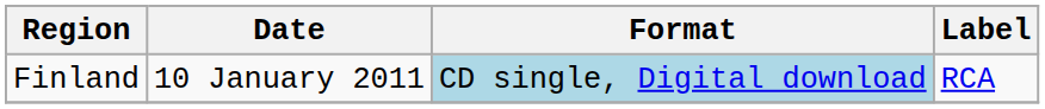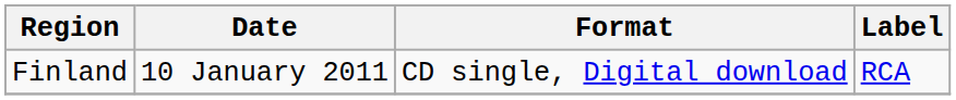 <table class=wikitable>
 <tr>
 <th>Region</th>
 <th>Date</th>
 <th>Format</th>
 <th>Label</th>
 </tr>
 <tr>
 <td>Finland</td>
 <td>10 January 2011</td>
-<td style="background: lightblue;">CD single, <a href='#'>Digital download</a></td>
+<td>CD single, <a href='#'>Digital download</a></td>
 <td><a href='#'>RCA</a></td>
 </tr>
 <tr>
 </tr>
 </table>
